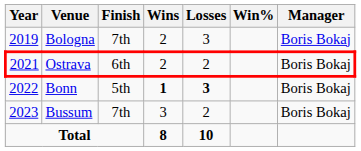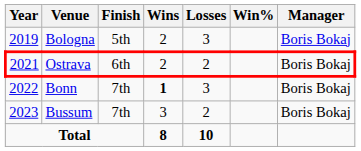 <table class="wikitable sortable plainrowheaders" style="text-align:center;">
 <tr>
 <th scope="col">Year</th>
 <th scope="col">Venue</th>
 <th scope="col">Finish</th>
 <th scope="col">Wins</th>
 <th scope="col">Losses</th>
 <th scope="col">Win%</th>
 <th scope="col">Manager</th>
 </tr>
 <tr>
 <td><a href='#'>2019</a></td>
 <td align=left> <a href='#'>Bologna</a></td>
-<td>7th</td>
+<td>5th</td>
 <td>2</td>
 <td>3</td>
 <td></td>
 <td align=left> <a href='#'>Boris Bokaj</a></td>
 </tr>
 <tr style="border: 3px solid red">
 <td><a href='#'>2021</a></td>
 <td align=left> <a href='#'>Ostrava</a></td>
 <td>6th</td>
 <td>2</td>
 <td>2</td>
 <td></td>
 <td align=left> Boris Bokaj</td>
 </tr>
 <tr>
 <td><a href='#'>2022</a></td>
 <td align=left> <a href='#'>Bonn</a></td>
-<td>5th</td>
+<td>7th</td>
 <td><strong>1</strong></td>
-<td><strong>3</strong></td>
+<td>3</td>
 <td></td>
 <td align=left> Boris Bokaj</td>
 </tr>
 <tr>
 <td><a href='#'>2023</a></td>
 <td align=left> <a href='#'>Bussum</a></td>
 <td>7th</td>
 <td>3</td>
 <td>2</td>
 <td></td>
 <td align=left> Boris Bokaj</td>
 </tr>
 <tr>
 <td colspan="3"><strong>Total</strong></td>
 <td><strong>8</strong></td>
 <td><strong>10</strong></td>
 <td><strong></strong></td>
 <td></td>
 </tr>
 </table>
